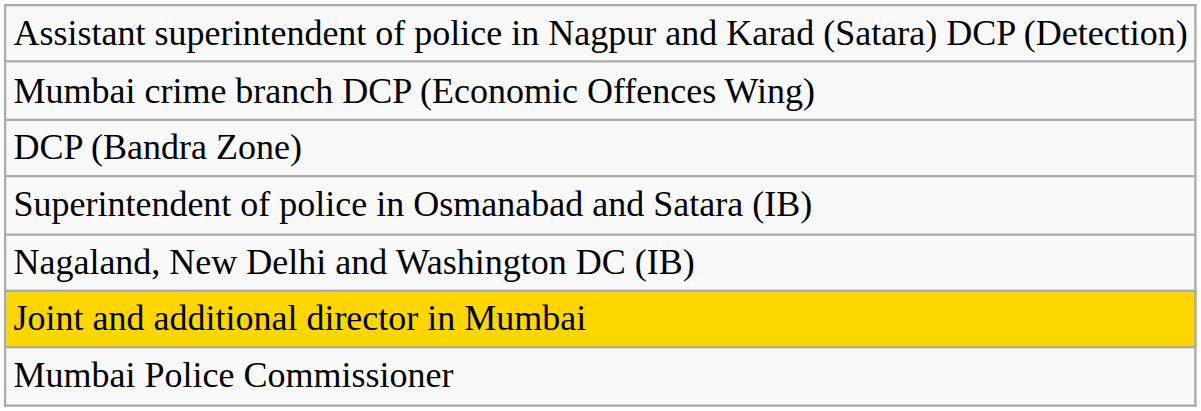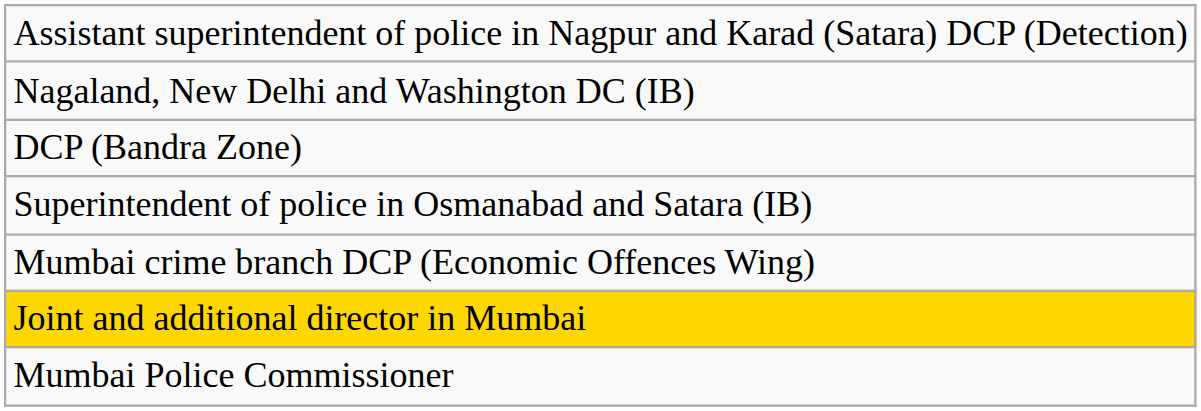 <table class="wikitable">
 <tr>
 <td>Assistant superintendent of police in Nagpur and Karad (Satara) DCP (Detection)</td>
 </tr>
 <tr>
-<td>Mumbai crime branch DCP (Economic Offences Wing)</td>
+<td>Nagaland, New Delhi and Washington DC (IB)</td>
 </tr>
 <tr>
 <td>DCP (Bandra Zone)</td>
 </tr>
 <tr>
 <td>Superintendent of police in Osmanabad and Satara (IB)</td>
 </tr>
 <tr>
-<td>Nagaland, New Delhi and Washington DC (IB)</td>
+<td>Mumbai crime branch DCP (Economic Offences Wing)</td>
 </tr>
 <tr>
 <td style="background: gold;">Joint and additional director in Mumbai</td>
 </tr>
 <tr>
 <td>Mumbai Police Commissioner</td>
 </tr>
 </table>
